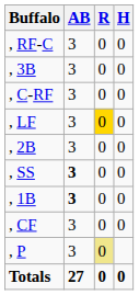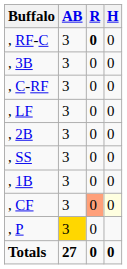 <table class="wikitable sortable">
 <tr>
 <th>Buffalo</th>
 <th><a href='#'>AB</a></th>
 <th><a href='#'>R</a></th>
 <th><a href='#'>H</a></th>
 </tr>
 <tr>
 <td>, <a href='#'>RF</a>-<a href='#'>C</a></td>
 <td>3</td>
-<td>0</td>
+<td><strong>0</strong></td>
 <td>0</td>
 </tr>
 <tr>
 <td>, <a href='#'>3B</a></td>
 <td>3</td>
 <td>0</td>
 <td>0</td>
 </tr>
 <tr>
 <td>, <a href='#'>C</a>-<a href='#'>RF</a></td>
 <td>3</td>
 <td>0</td>
 <td>0</td>
 </tr>
 <tr>
 <td>, <a href='#'>LF</a></td>
 <td>3</td>
-<td style="background: gold;">0</td>
+<td>0</td>
 <td>0</td>
 </tr>
 <tr>
 <td>, <a href='#'>2B</a></td>
 <td>3</td>
 <td>0</td>
 <td>0</td>
 </tr>
 <tr>
 <td>, <a href='#'>SS</a></td>
-<td><strong>3</strong></td>
+<td>3</td>
 <td>0</td>
 <td>0</td>
 </tr>
 <tr>
 <td>, <a href='#'>1B</a></td>
-<td><strong>3</strong></td>
+<td>3</td>
 <td>0</td>
 <td>0</td>
 </tr>
 <tr>
 <td>, <a href='#'>CF</a></td>
 <td>3</td>
-<td>0</td>
-<td>0</td>
+<td style="background: lightsalmon;">0</td>
+<td style="background: lightyellow;">0</td>
 </tr>
 <tr>
 <td>, <a href='#'>P</a></td>
-<td>3</td>
-<td style="background: khaki;">0</td>
+<td style="background: gold;">3</td>
+<td>0</td>
 </tr>
 <tr class="sortbottom">
 <td><strong>Totals</strong></td>
 <td><strong>27</strong></td>
 <td><strong>0</strong></td>
 <td><strong>0</strong></td>
 </tr>
 </table>
